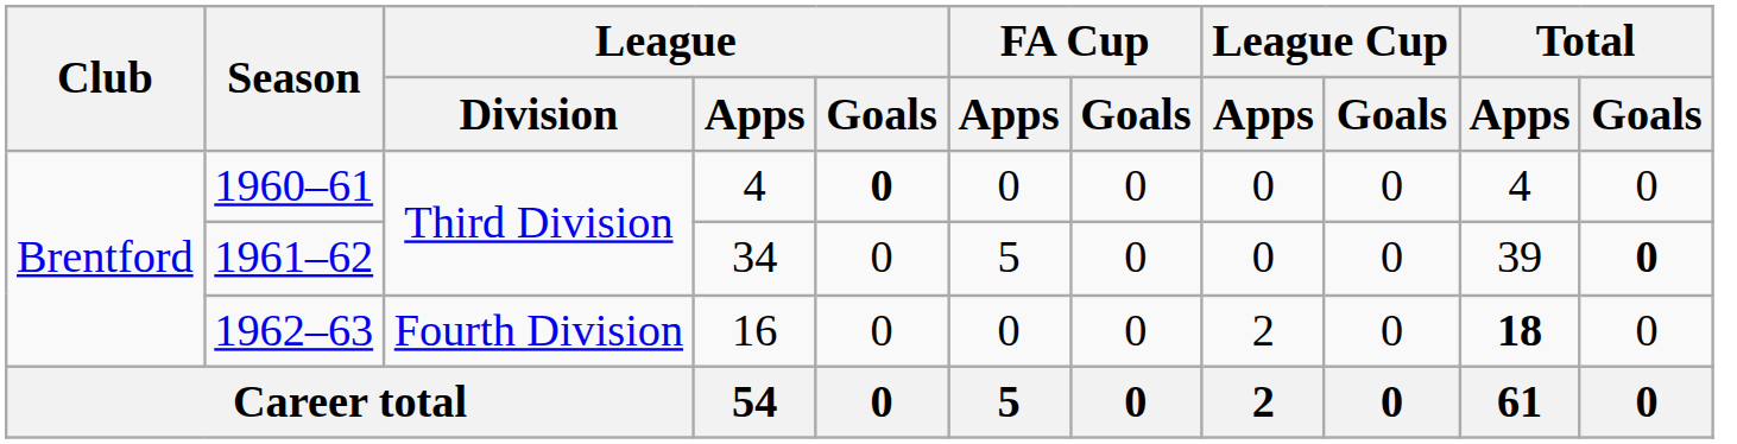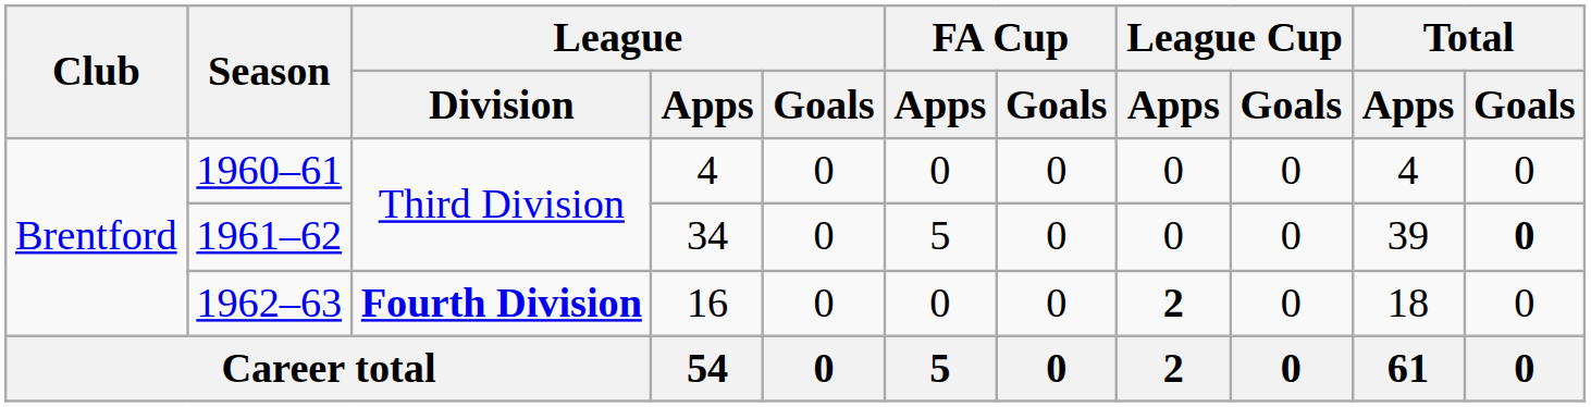 <table class="wikitable" style="text-align: center;">
 <tr>
 <th rowspan="2">Club</th>
 <th rowspan="2">Season</th>
 <th colspan="3">League</th>
 <th colspan="2">FA Cup</th>
 <th colspan="2">League Cup</th>
 <th colspan="2">Total</th>
 </tr>
 <tr>
 <th>Division</th>
 <th>Apps</th>
 <th>Goals</th>
 <th>Apps</th>
 <th>Goals</th>
 <th>Apps</th>
 <th>Goals</th>
 <th>Apps</th>
 <th>Goals</th>
 </tr>
 <tr>
 <td rowspan="3"><a href='#'>Brentford</a></td>
 <td><a href='#'>1960–61</a></td>
 <td rowspan="2"><a href='#'>Third Division</a></td>
 <td>4</td>
-<td><strong>0</strong></td>
+<td>0</td>
 <td>0</td>
 <td>0</td>
 <td>0</td>
 <td>0</td>
 <td>4</td>
 <td>0</td>
 </tr>
 <tr>
 <td><a href='#'>1961–62</a></td>
 <td>34</td>
 <td>0</td>
 <td>5</td>
 <td>0</td>
 <td>0</td>
 <td>0</td>
 <td>39</td>
 <td><strong>0</strong></td>
 </tr>
 <tr>
 <td><a href='#'>1962–63</a></td>
-<td><a href='#'>Fourth Division</a></td>
+<td><strong><a href='#'>Fourth Division</a></strong></td>
 <td>16</td>
 <td>0</td>
 <td>0</td>
 <td>0</td>
-<td>2</td>
+<td><strong>2</strong></td>
 <td>0</td>
-<td><strong>18</strong></td>
+<td>18</td>
 <td>0</td>
 </tr>
 <tr>
 <th colspan="3">Career total</th>
 <th>54</th>
 <th>0</th>
 <th>5</th>
 <th>0</th>
 <th>2</th>
 <th>0</th>
 <th>61</th>
 <th>0</th>
 </tr>
 </table>
